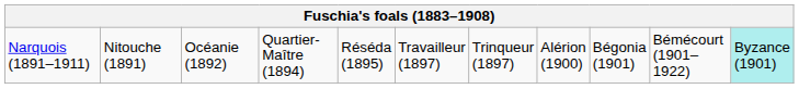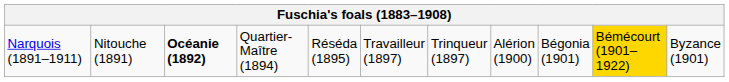 <table class="wikitable">
 <tr>
 <th colspan="11">Fuschia's foals (1883–1908)</th>
 </tr>
 <tr>
 <td><a href='#'>Narquois</a> (1891–1911)</td>
 <td>Nitouche (1891)</td>
-<td>Océanie (1892)</td>
+<td><strong>Océanie (1892)</strong></td>
 <td>Quartier-Maître<br>(1894)</td>
 <td>Réséda<br>(1895)</td>
 <td>Travailleur<br>(1897)</td>
 <td>Trinqueur<br>(1897)</td>
 <td>Alérion<br>(1900)</td>
 <td>Bégonia<br>(1901)</td>
-<td>Bémécourt<br>(1901–1922)</td>
-<td style="background: paleturquoise;">Byzance<br>(1901)</td>
+<td style="background: gold;">Bémécourt<br>(1901–1922)</td>
+<td>Byzance<br>(1901)</td>
 </tr>
 </table>
